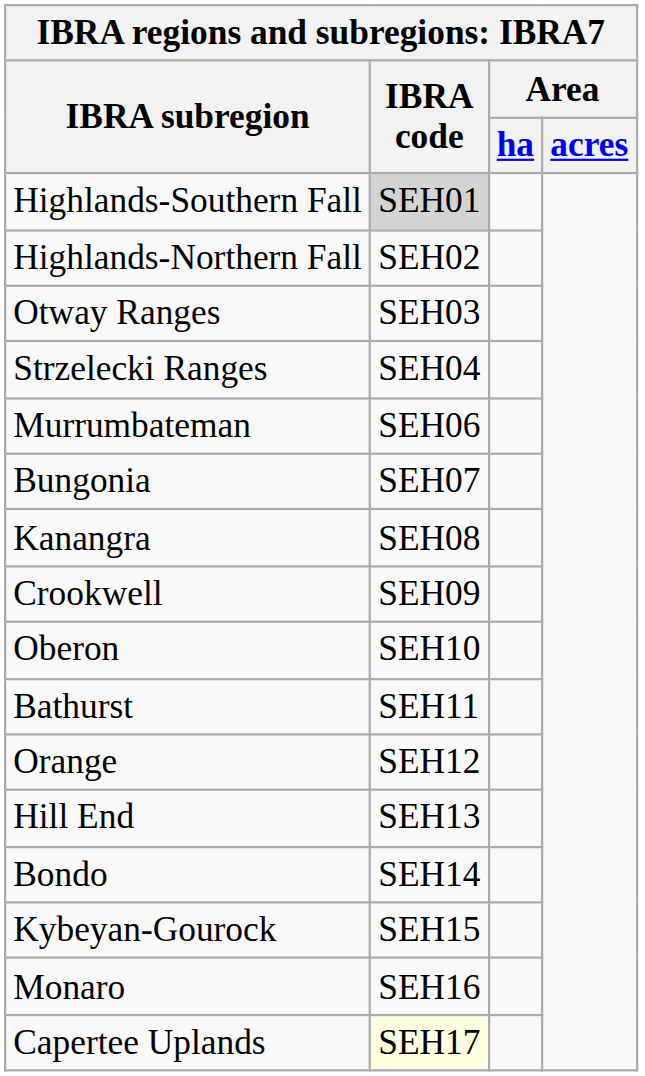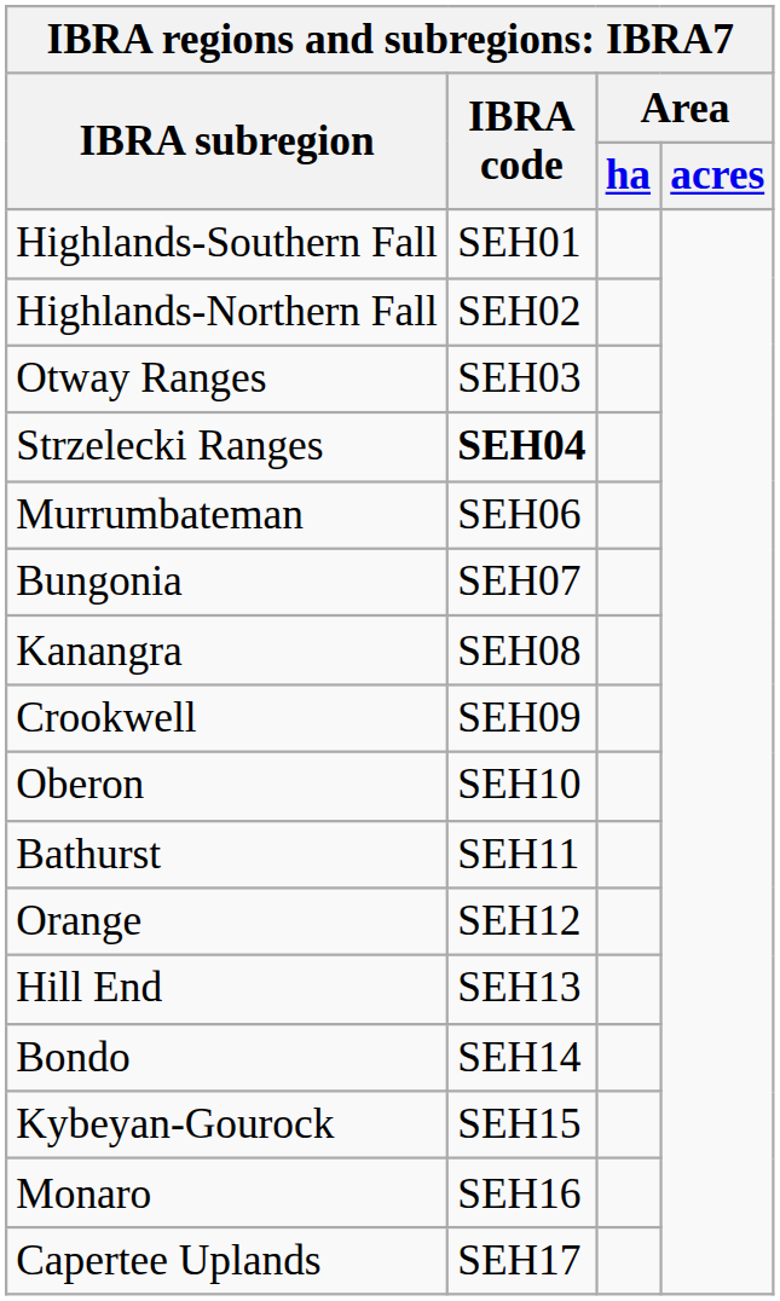 <table class="wikitable sortable">
 <tr>
 <th colspan=5>IBRA regions and subregions: IBRA7</th>
 </tr>
 <tr>
 <th rowspan=2 scope="col">IBRA subregion</th>
 <th rowspan=2 scope="col">IBRA<br>code</th>
 <th colspan=2 scope="col" class=unsortable>Area</th>
 </tr>
 <tr>
 <th><a href='#'>ha</a></th>
 <th><a href='#'>acres</a></th>
 </tr>
 <tr>
 <td>Highlands-Southern Fall</td>
-<td style="background: lightgrey;">SEH01</td>
+<td>SEH01</td>
 <td></td>
 </tr>
 <tr>
 <td>Highlands-Northern Fall</td>
 <td>SEH02</td>
 <td></td>
 </tr>
 <tr>
 <td>Otway Ranges</td>
 <td>SEH03</td>
 <td></td>
 </tr>
 <tr>
 <td>Strzelecki Ranges</td>
-<td>SEH04</td>
+<td><strong>SEH04</strong></td>
 <td></td>
 </tr>
 <tr>
 <td>Murrumbateman</td>
 <td>SEH06</td>
 <td></td>
 </tr>
 <tr>
 <td>Bungonia</td>
 <td>SEH07</td>
 <td></td>
 </tr>
 <tr>
 <td>Kanangra</td>
 <td>SEH08</td>
 <td></td>
 </tr>
 <tr>
 <td>Crookwell</td>
 <td>SEH09</td>
 <td></td>
 </tr>
 <tr>
 <td>Oberon</td>
 <td>SEH10</td>
 <td></td>
 </tr>
 <tr>
 <td>Bathurst</td>
 <td>SEH11</td>
 <td></td>
 </tr>
 <tr>
 <td>Orange</td>
 <td>SEH12</td>
 <td></td>
 </tr>
 <tr>
 <td>Hill End</td>
 <td>SEH13</td>
 <td></td>
 </tr>
 <tr>
 <td>Bondo</td>
 <td>SEH14</td>
 <td></td>
 </tr>
 <tr>
 <td>Kybeyan-Gourock</td>
 <td>SEH15</td>
 <td></td>
 </tr>
 <tr>
 <td>Monaro</td>
 <td>SEH16</td>
 <td></td>
 </tr>
 <tr>
 <td>Capertee Uplands</td>
-<td style="background: lightyellow;">SEH17</td>
+<td>SEH17</td>
 <td></td>
 </tr>
 </table>
